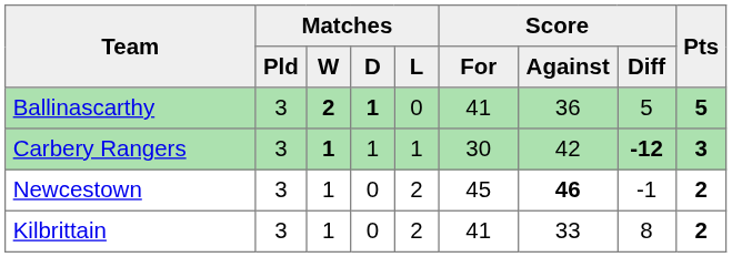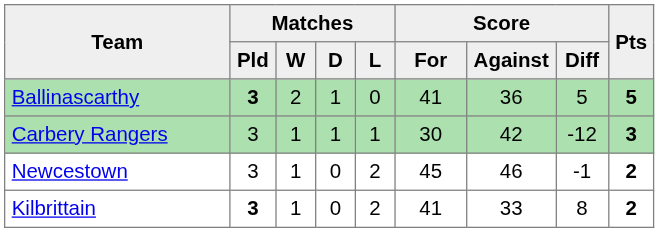 <table style=border-collapse:collapse border=1 cellspacing=0 cellpadding=5>
 <tr align=center bgcolor=#efefef>
 <th rowspan=2 width=165>Team</th>
 <th colspan=4>Matches</th>
 <th colspan=3>Score</th>
 <th rowspan=2width=20>Pts</th>
 </tr>
 <tr align=center bgcolor=#efefef>
 <th width=20>Pld</th>
 <th width=20>W</th>
 <th width=20>D</th>
 <th width=20>L</th>
 <th width=45>For</th>
 <th width=45>Against</th>
 <th width=30>Diff</th>
 </tr>
 <tr align=center style="background:#ACE1AF;">
 <td style="text-align:left;"><a href='#'>Ballinascarthy</a></td>
-<td>3</td>
-<td><strong>2</strong></td>
-<td><strong>1</strong></td>
+<td><strong>3</strong></td>
+<td>2</td>
+<td>1</td>
 <td>0</td>
 <td>41</td>
 <td>36</td>
 <td>5</td>
 <td><strong>5</strong></td>
 </tr>
 <tr align=center style="background:#ACE1AF;">
 <td style="text-align:left;"><a href='#'>Carbery Rangers</a></td>
 <td>3</td>
-<td><strong>1</strong></td>
+<td>1</td>
 <td>1</td>
 <td>1</td>
 <td>30</td>
 <td>42</td>
-<td><strong>-12</strong></td>
+<td>-12</td>
 <td><strong>3</strong></td>
 </tr>
 <tr align=center>
 <td style="text-align:left;"><a href='#'>Newcestown</a></td>
 <td>3</td>
 <td>1</td>
 <td>0</td>
 <td>2</td>
 <td>45</td>
-<td><strong>46</strong></td>
+<td>46</td>
 <td>-1</td>
 <td><strong>2</strong></td>
 </tr>
 <tr align=center>
 <td style="text-align:left;"><a href='#'>Kilbrittain</a></td>
-<td>3</td>
+<td><strong>3</strong></td>
 <td>1</td>
 <td>0</td>
 <td>2</td>
 <td>41</td>
 <td>33</td>
 <td>8</td>
 <td><strong>2</strong></td>
 </tr>
 </table>
